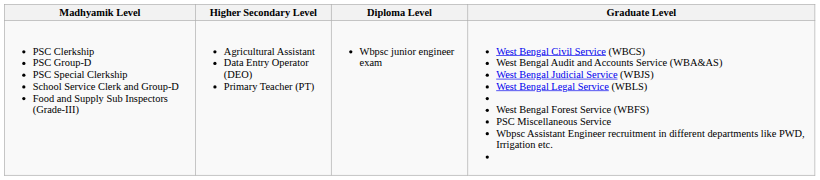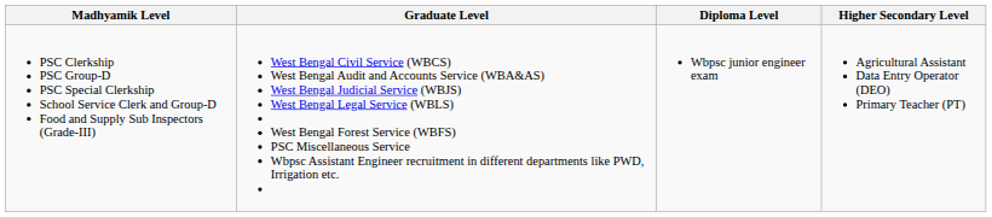 <table class="wikitable">
 <tr>
 <th>Madhyamik Level</th>
+<th>Graduate Level</th>
+<th>Diploma Level</th>
 <th>Higher Secondary Level</th>
-<th>Diploma Level</th>
-<th>Graduate Level</th>
 </tr>
 <tr valign=top>
 <td><br><ul><li>PSC Clerkship</li><li>PSC Group-D</li><li>PSC Special Clerkship</li><li>School Service Clerk and Group-D</li><li>Food and Supply Sub Inspectors (Grade-III)</li></ul></td>
+<td><br><ul><li><a href='#'>West Bengal Civil Service</a> (WBCS)</li><li>West Bengal Audit and Accounts Service (WBA&AS)</li><li><a href='#'>West Bengal Judicial Service</a> (WBJS)</li><li><a href='#'>West Bengal Legal Service</a> (WBLS)</li><li></li><li>West Bengal Forest Service (WBFS)</li><li>PSC Miscellaneous Service</li><li>Wbpsc Assistant Engineer recruitment in different departments like PWD, Irrigation etc.</li><li></li></ul></td>
+<td><br><ul><li>Wbpsc junior engineer exam</li></ul></td>
 <td><br><ul><li>Agricultural Assistant</li><li>Data Entry Operator (DEO)</li><li>Primary Teacher (PT)</li></ul></td>
-<td><br><ul><li>Wbpsc junior engineer exam</li></ul></td>
-<td><br><ul><li><a href='#'>West Bengal Civil Service</a> (WBCS)</li><li>West Bengal Audit and Accounts Service (WBA&AS)</li><li><a href='#'>West Bengal Judicial Service</a> (WBJS)</li><li><a href='#'>West Bengal Legal Service</a> (WBLS)</li><li></li><li>West Bengal Forest Service (WBFS)</li><li>PSC Miscellaneous Service</li><li>Wbpsc Assistant Engineer recruitment in different departments like PWD, Irrigation etc.</li><li></li></ul></td>
 </tr>
 </table>
